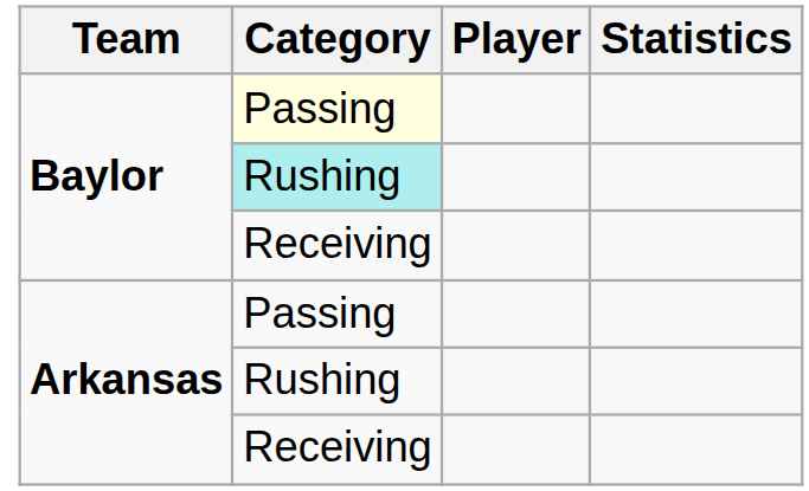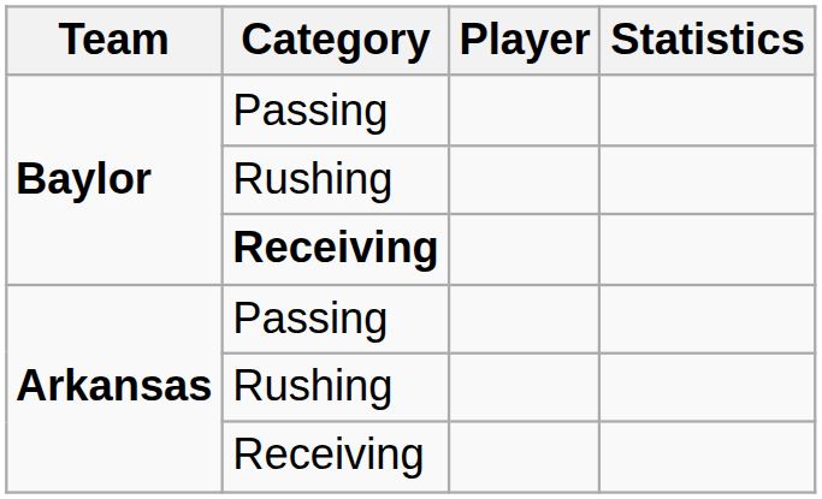 <table class="wikitable" style="float: right;">
 <tr>
 <th>Team</th>
 <th>Category</th>
 <th>Player</th>
 <th>Statistics</th>
 </tr>
 <tr>
 <td rowspan=3><strong>Baylor</strong></td>
-<td style="background: lightyellow;">Passing</td>
+<td>Passing</td>
 <td></td>
 <td></td>
 </tr>
 <tr>
-<td style="background: paleturquoise;">Rushing</td>
+<td>Rushing</td>
 <td></td>
 <td></td>
 </tr>
 <tr>
-<td>Receiving</td>
+<td><strong>Receiving</strong></td>
 <td></td>
 <td></td>
 </tr>
 <tr>
 <td rowspan=3><strong>Arkansas</strong></td>
 <td>Passing</td>
 <td></td>
 <td></td>
 </tr>
 <tr>
 <td>Rushing</td>
 <td></td>
 <td></td>
 </tr>
 <tr>
 <td>Receiving</td>
 <td></td>
 <td></td>
 </tr>
 </table>
